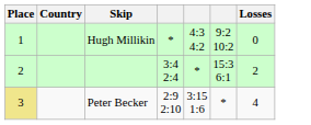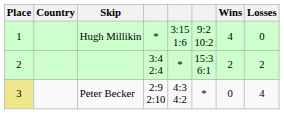 <table class="wikitable" style="text-align:center;">
 <tr>
 <th>Place</th>
 <th>Country</th>
 <th>Skip</th>
 <th width="25"></th>
 <th width="25"></th>
 <th width="25"></th>
+<th>Wins</th>
 <th>Losses</th>
 </tr>
 <tr bgcolor=#ccffcc>
 <td>1</td>
 <td align=left></td>
 <td align=left>Hugh Millikin</td>
 <td>*</td>
-<td>4:3<br> 4:2</td>
+<td>3:15<br> 1:6</td>
 <td>9:2<br>10:2</td>
+<td>4</td>
 <td>0</td>
 </tr>
 <tr bgcolor=#ccffcc>
 <td>2</td>
 <td align=left></td>
 <td align=left></td>
 <td>3:4<br> 2:4</td>
 <td>*</td>
 <td>15:3<br> 6:1</td>
 <td>2</td>
+<td>2</td>
 </tr>
 <tr>
 <td style="background: khaki;">3</td>
 <td align=left></td>
 <td align=left>Peter Becker</td>
 <td>2:9<br>2:10</td>
-<td>3:15<br> 1:6</td>
+<td>4:3<br> 4:2</td>
 <td>*</td>
+<td>0</td>
 <td>4</td>
 </tr>
 </table>
